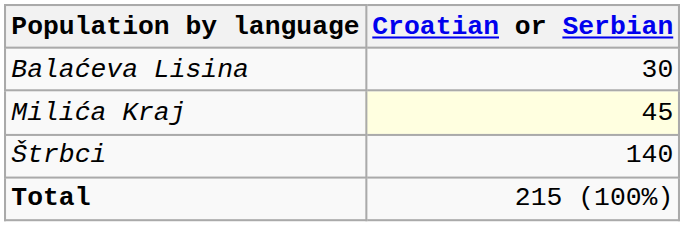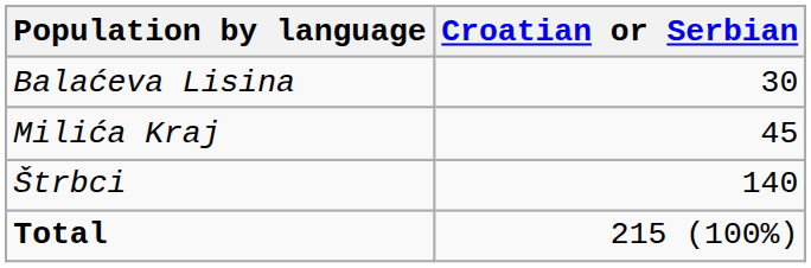 <table class="wikitable sortable">
 <tr>
 <th>Population by language</th>
 <th><a href='#'>Croatian</a> or <a href='#'>Serbian</a></th>
 </tr>
 <tr>
 <td><em>Balaćeva Lisina</em></td>
 <td align="right">30</td>
 </tr>
 <tr>
 <td><em>Milića Kraj</em></td>
-<td align="right" style="background: lightyellow;">45</td>
+<td align="right">45</td>
 </tr>
 <tr>
 <td><em>Štrbci</em></td>
 <td align="right">140</td>
 </tr>
 <tr>
 <td><strong>Total</strong></td>
 <td align="right">215 (100%)</td>
 </tr>
 </table>
